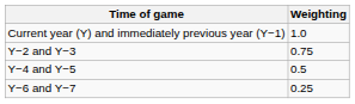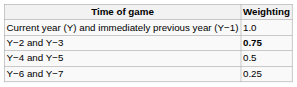 <table class="wikitable">
 <tr>
 <th>Time of game</th>
 <th>Weighting</th>
 </tr>
 <tr>
 <td>Current year (Y) and immediately previous year (Y−1)</td>
 <td>1.0</td>
 </tr>
 <tr>
 <td>Y−2 and Y−3</td>
-<td>0.75</td>
+<td><strong>0.75</strong></td>
 </tr>
 <tr>
 <td>Y−4 and Y−5</td>
 <td>0.5</td>
 </tr>
 <tr>
 <td>Y−6 and Y−7</td>
 <td>0.25</td>
 </tr>
 </table>
